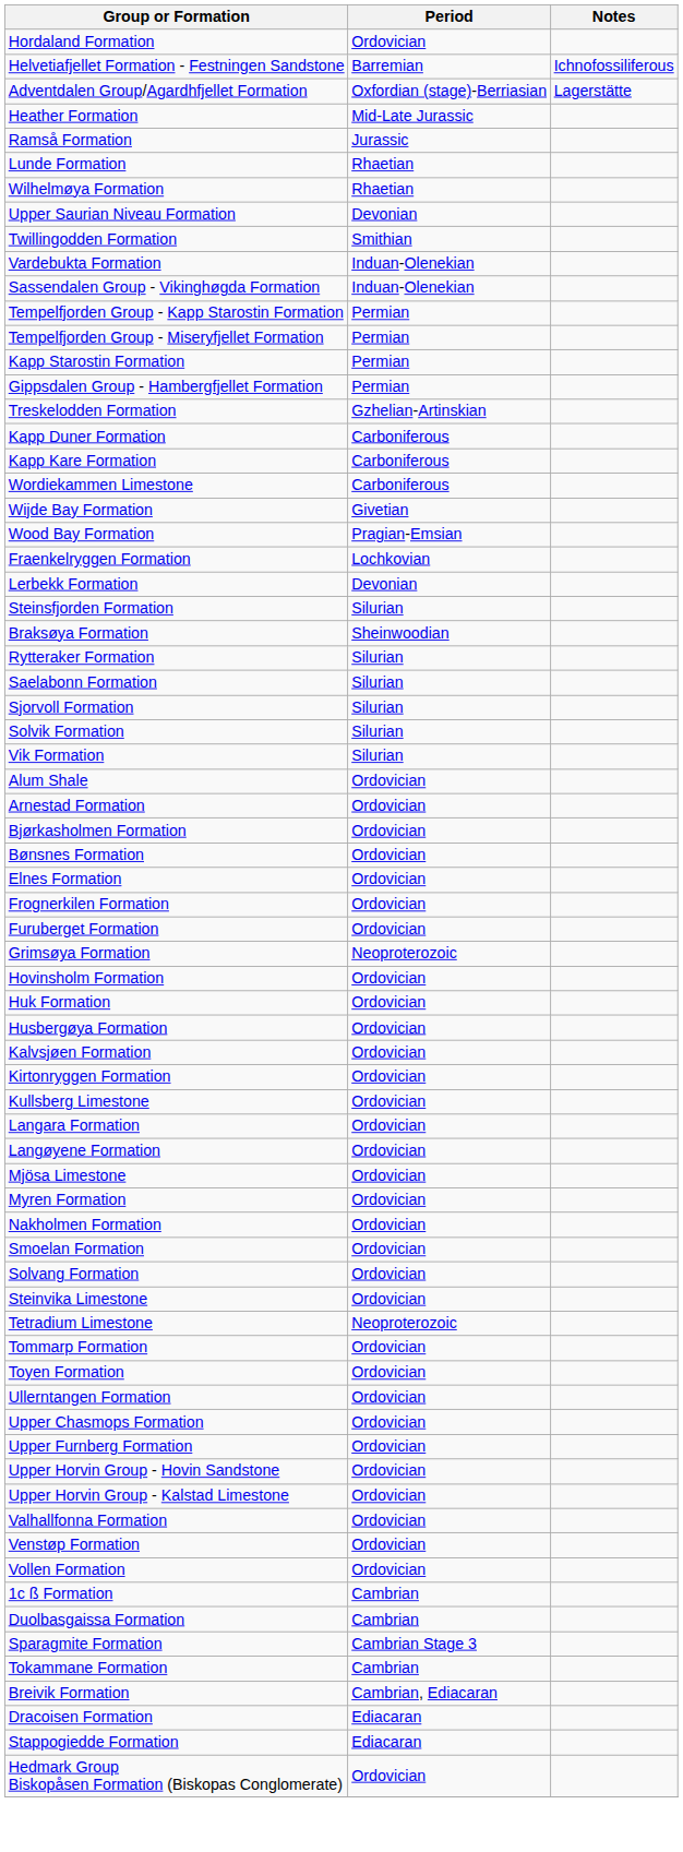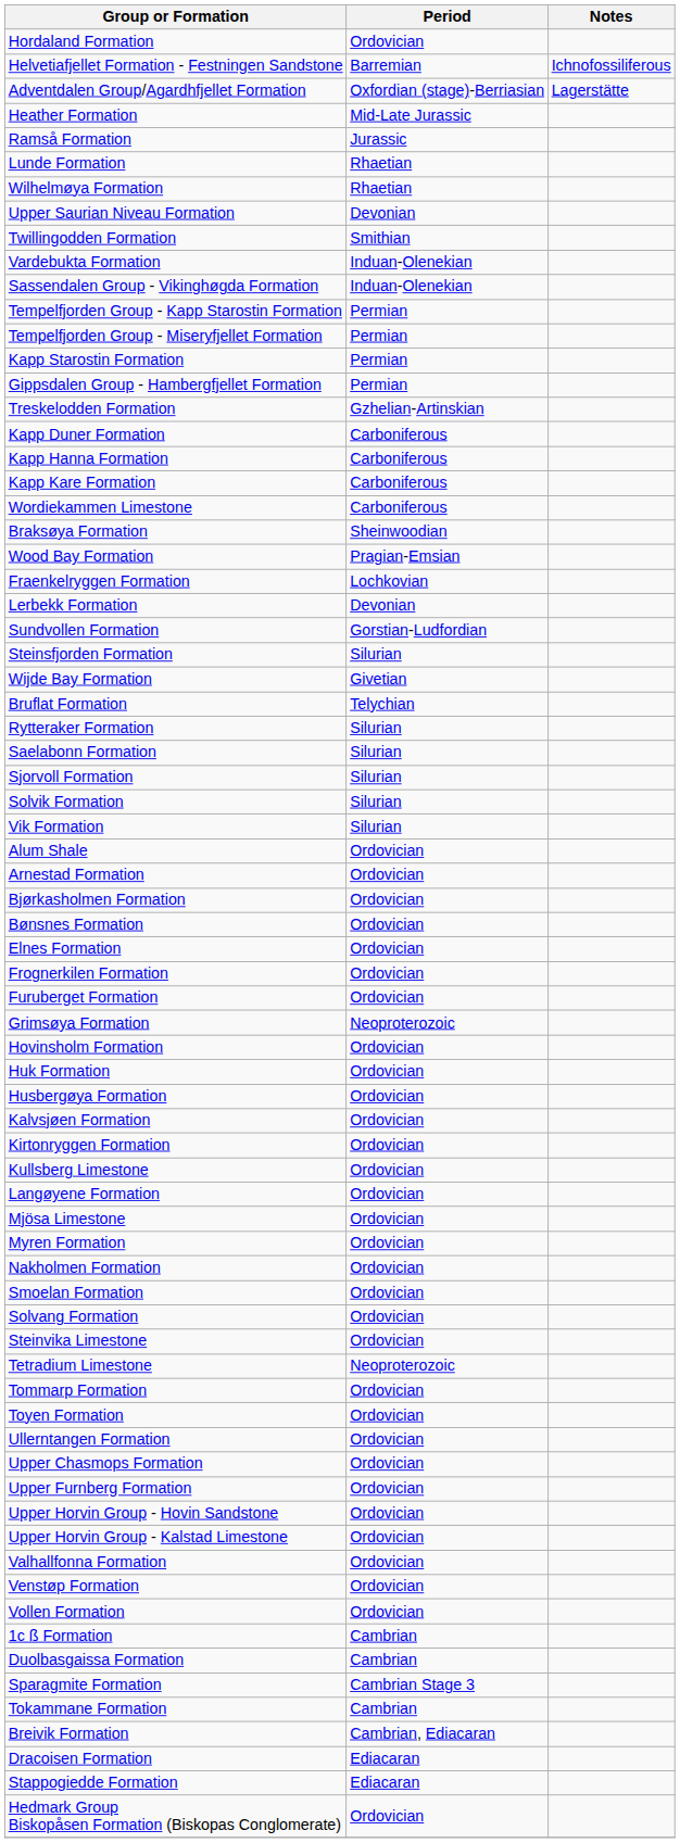 <table class="wikitable sortable" style="width: auto;">
 <tr>
 <th>Group or Formation</th>
 <th>Period</th>
 <th class="unsortable">Notes</th>
 </tr>
 <tr>
 <td><a href='#'>Hordaland Formation</a></td>
 <td><a href='#'>Ordovician</a></td>
 <td></td>
 </tr>
 <tr>
 <td><a href='#'>Helvetiafjellet Formation</a> - <a href='#'>Festningen Sandstone</a></td>
 <td style="background-color: "><a href='#'>Barremian</a></td>
 <td align=center><a href='#'>Ichnofossiliferous</a></td>
 </tr>
 <tr>
 <td><a href='#'>Adventdalen Group</a>/<a href='#'>Agardhfjellet Formation</a></td>
 <td style="background-color: "><a href='#'>Oxfordian (stage)</a>-<a href='#'>Berriasian</a></td>
 <td><a href='#'>Lagerstätte</a></td>
 </tr>
 <tr>
 <td><a href='#'>Heather Formation</a></td>
 <td style="background-color: "><a href='#'>Mid-Late Jurassic</a></td>
 <td></td>
 </tr>
 <tr>
 <td><a href='#'>Ramså Formation</a></td>
 <td><a href='#'>Jurassic</a></td>
 <td></td>
 </tr>
 <tr>
 <td><a href='#'>Lunde Formation</a></td>
 <td style="background-color: "><a href='#'>Rhaetian</a></td>
 <td align=center></td>
 </tr>
 <tr>
 <td><a href='#'>Wilhelmøya Formation</a></td>
 <td style="background-color: "><a href='#'>Rhaetian</a></td>
 <td></td>
 </tr>
 <tr>
 <td><a href='#'>Upper Saurian Niveau Formation</a></td>
 <td><a href='#'>Devonian</a></td>
 <td></td>
 </tr>
 <tr>
 <td><a href='#'>Twillingodden Formation</a></td>
 <td style="background-color: "><a href='#'>Smithian</a></td>
 <td></td>
 </tr>
 <tr>
 <td><a href='#'>Vardebukta Formation</a></td>
 <td style="background-color: "><a href='#'>Induan</a>-<a href='#'>Olenekian</a></td>
 <td></td>
 </tr>
 <tr>
 <td><a href='#'>Sassendalen Group</a> - <a href='#'>Vikinghøgda Formation</a></td>
 <td style="background-color: "><a href='#'>Induan</a>-<a href='#'>Olenekian</a></td>
 <td></td>
 </tr>
 <tr>
 <td><a href='#'>Tempelfjorden Group</a> - <a href='#'>Kapp Starostin Formation</a></td>
 <td><a href='#'>Permian</a></td>
 <td></td>
 </tr>
 <tr>
 <td><a href='#'>Tempelfjorden Group</a> - <a href='#'>Miseryfjellet Formation</a></td>
 <td><a href='#'>Permian</a></td>
 <td></td>
 </tr>
 <tr>
 <td><a href='#'>Kapp Starostin Formation</a></td>
 <td><a href='#'>Permian</a></td>
 <td></td>
 </tr>
 <tr>
 <td><a href='#'>Gippsdalen Group</a> - <a href='#'>Hambergfjellet Formation</a></td>
 <td><a href='#'>Permian</a></td>
 <td></td>
 </tr>
 <tr>
 <td><a href='#'>Treskelodden Formation</a></td>
 <td style="background-color: "><a href='#'>Gzhelian</a>-<a href='#'>Artinskian</a></td>
 <td></td>
 </tr>
 <tr>
 <td><a href='#'>Kapp Duner Formation</a></td>
 <td><a href='#'>Carboniferous</a></td>
 <td></td>
 </tr>
 <tr>
+<td><a href='#'>Kapp Hanna Formation</a></td>
+<td><a href='#'>Carboniferous</a></td>
+<td></td>
+</tr>
+<tr>
 <td><a href='#'>Kapp Kare Formation</a></td>
 <td><a href='#'>Carboniferous</a></td>
 <td></td>
 </tr>
 <tr>
 <td><a href='#'>Wordiekammen Limestone</a></td>
 <td><a href='#'>Carboniferous</a></td>
 <td></td>
 </tr>
 <tr>
-<td><a href='#'>Wijde Bay Formation</a></td>
-<td style="background-color: "><a href='#'>Givetian</a></td>
+<td><a href='#'>Braksøya Formation</a></td>
+<td style="background-color: "><a href='#'>Sheinwoodian</a></td>
 <td></td>
 </tr>
 <tr>
 <td><a href='#'>Wood Bay Formation</a></td>
 <td style="background-color: "><a href='#'>Pragian</a>-<a href='#'>Emsian</a></td>
 <td></td>
 </tr>
 <tr>
 <td><a href='#'>Fraenkelryggen Formation</a></td>
 <td style="background-color: "><a href='#'>Lochkovian</a></td>
 <td></td>
 </tr>
 <tr>
 <td><a href='#'>Lerbekk Formation</a></td>
 <td><a href='#'>Devonian</a></td>
 <td></td>
 </tr>
 <tr>
+<td><a href='#'>Sundvollen Formation</a></td>
+<td style="background-color: "><a href='#'>Gorstian</a>-<a href='#'>Ludfordian</a></td>
+<td></td>
+</tr>
+<tr>
 <td><a href='#'>Steinsfjorden Formation</a></td>
 <td><a href='#'>Silurian</a></td>
 <td></td>
 </tr>
 <tr>
-<td><a href='#'>Braksøya Formation</a></td>
-<td style="background-color: "><a href='#'>Sheinwoodian</a></td>
+<td><a href='#'>Wijde Bay Formation</a></td>
+<td style="background-color: "><a href='#'>Givetian</a></td>
+<td></td>
+</tr>
+<tr>
+<td><a href='#'>Bruflat Formation</a></td>
+<td style="background-color: "><a href='#'>Telychian</a></td>
 <td></td>
 </tr>
 <tr>
 <td><a href='#'>Rytteraker Formation</a></td>
 <td><a href='#'>Silurian</a></td>
 <td></td>
 </tr>
 <tr>
 <td><a href='#'>Saelabonn Formation</a></td>
 <td><a href='#'>Silurian</a></td>
 <td></td>
 </tr>
 <tr>
 <td><a href='#'>Sjorvoll Formation</a></td>
 <td><a href='#'>Silurian</a></td>
 <td></td>
 </tr>
 <tr>
 <td><a href='#'>Solvik Formation</a></td>
 <td><a href='#'>Silurian</a></td>
 <td></td>
 </tr>
 <tr>
 <td><a href='#'>Vik Formation</a></td>
 <td><a href='#'>Silurian</a></td>
 <td></td>
 </tr>
 <tr>
 <td><a href='#'>Alum Shale</a></td>
 <td><a href='#'>Ordovician</a></td>
 <td></td>
 </tr>
 <tr>
 <td><a href='#'>Arnestad Formation</a></td>
 <td><a href='#'>Ordovician</a></td>
 <td></td>
 </tr>
 <tr>
 <td><a href='#'>Bjørkasholmen Formation</a></td>
 <td><a href='#'>Ordovician</a></td>
 <td></td>
 </tr>
 <tr>
 <td><a href='#'>Bønsnes Formation</a></td>
 <td><a href='#'>Ordovician</a></td>
 <td></td>
 </tr>
 <tr>
 <td><a href='#'>Elnes Formation</a></td>
 <td><a href='#'>Ordovician</a></td>
 <td></td>
 </tr>
 <tr>
 <td><a href='#'>Frognerkilen Formation</a></td>
 <td><a href='#'>Ordovician</a></td>
 <td></td>
 </tr>
 <tr>
 <td><a href='#'>Furuberget Formation</a></td>
 <td><a href='#'>Ordovician</a></td>
 <td></td>
 </tr>
 <tr>
 <td><a href='#'>Grimsøya Formation</a></td>
 <td><a href='#'>Neoproterozoic</a></td>
 <td></td>
 </tr>
 <tr>
 <td><a href='#'>Hovinsholm Formation</a></td>
 <td><a href='#'>Ordovician</a></td>
 <td></td>
 </tr>
 <tr>
 <td><a href='#'>Huk Formation</a></td>
 <td><a href='#'>Ordovician</a></td>
 <td></td>
 </tr>
 <tr>
 <td><a href='#'>Husbergøya Formation</a></td>
 <td><a href='#'>Ordovician</a></td>
 <td></td>
 </tr>
 <tr>
 <td><a href='#'>Kalvsjøen Formation</a></td>
 <td><a href='#'>Ordovician</a></td>
 <td></td>
 </tr>
 <tr>
 <td><a href='#'>Kirtonryggen Formation</a></td>
 <td><a href='#'>Ordovician</a></td>
 <td></td>
 </tr>
 <tr>
 <td><a href='#'>Kullsberg Limestone</a></td>
-<td><a href='#'>Ordovician</a></td>
-<td></td>
-</tr>
-<tr>
-<td><a href='#'>Langara Formation</a></td>
 <td><a href='#'>Ordovician</a></td>
 <td></td>
 </tr>
 <tr>
 <td><a href='#'>Langøyene Formation</a></td>
 <td><a href='#'>Ordovician</a></td>
 <td></td>
 </tr>
 <tr>
 <td><a href='#'>Mjösa Limestone</a></td>
 <td><a href='#'>Ordovician</a></td>
 <td></td>
 </tr>
 <tr>
 <td><a href='#'>Myren Formation</a></td>
 <td><a href='#'>Ordovician</a></td>
 <td></td>
 </tr>
 <tr>
 <td><a href='#'>Nakholmen Formation</a></td>
 <td><a href='#'>Ordovician</a></td>
 <td></td>
 </tr>
 <tr>
 <td><a href='#'>Smoelan Formation</a></td>
 <td><a href='#'>Ordovician</a></td>
 <td></td>
 </tr>
 <tr>
 <td><a href='#'>Solvang Formation</a></td>
 <td><a href='#'>Ordovician</a></td>
 <td></td>
 </tr>
 <tr>
 <td><a href='#'>Steinvika Limestone</a></td>
 <td><a href='#'>Ordovician</a></td>
 <td></td>
 </tr>
 <tr>
 <td><a href='#'>Tetradium Limestone</a></td>
 <td><a href='#'>Neoproterozoic</a></td>
 <td></td>
 </tr>
 <tr>
 <td><a href='#'>Tommarp Formation</a></td>
 <td><a href='#'>Ordovician</a></td>
 <td></td>
 </tr>
 <tr>
 <td><a href='#'>Toyen Formation</a></td>
 <td><a href='#'>Ordovician</a></td>
 <td></td>
 </tr>
 <tr>
 <td><a href='#'>Ullerntangen Formation</a></td>
 <td><a href='#'>Ordovician</a></td>
 <td></td>
 </tr>
 <tr>
 <td><a href='#'>Upper Chasmops Formation</a></td>
 <td><a href='#'>Ordovician</a></td>
 <td></td>
 </tr>
 <tr>
 <td><a href='#'>Upper Furnberg Formation</a></td>
 <td><a href='#'>Ordovician</a></td>
 <td></td>
 </tr>
 <tr>
 <td><a href='#'>Upper Horvin Group</a> - <a href='#'>Hovin Sandstone</a></td>
 <td><a href='#'>Ordovician</a></td>
 <td></td>
 </tr>
 <tr>
 <td><a href='#'>Upper Horvin Group</a> - <a href='#'>Kalstad Limestone</a></td>
 <td><a href='#'>Ordovician</a></td>
 <td></td>
 </tr>
 <tr>
 <td><a href='#'>Valhallfonna Formation</a></td>
 <td><a href='#'>Ordovician</a></td>
 <td></td>
 </tr>
 <tr>
 <td><a href='#'>Venstøp Formation</a></td>
 <td><a href='#'>Ordovician</a></td>
 <td></td>
 </tr>
 <tr>
 <td><a href='#'>Vollen Formation</a></td>
 <td><a href='#'>Ordovician</a></td>
 <td></td>
 </tr>
 <tr>
 <td><a href='#'>1c ß Formation</a></td>
 <td><a href='#'>Cambrian</a></td>
 <td></td>
 </tr>
 <tr>
 <td><a href='#'>Duolbasgaissa Formation</a></td>
 <td><a href='#'>Cambrian</a></td>
 <td></td>
 </tr>
 <tr>
 <td><a href='#'>Sparagmite Formation</a></td>
 <td style="background-color: "><a href='#'>Cambrian Stage 3</a></td>
 <td></td>
 </tr>
 <tr>
 <td><a href='#'>Tokammane Formation</a></td>
 <td><a href='#'>Cambrian</a></td>
 <td></td>
 </tr>
 <tr>
 <td><a href='#'>Breivik Formation</a></td>
 <td><a href='#'>Cambrian</a>, <a href='#'>Ediacaran</a></td>
 <td></td>
 </tr>
 <tr>
 <td><a href='#'>Dracoisen Formation</a></td>
 <td><a href='#'>Ediacaran</a></td>
 <td></td>
 </tr>
 <tr>
 <td><a href='#'>Stappogiedde Formation</a></td>
 <td><a href='#'>Ediacaran</a></td>
 <td></td>
 </tr>
 <tr>
 <td><a href='#'>Hedmark Group</a><br><a href='#'>Biskopåsen Formation</a> (Biskopas Conglomerate)</td>
 <td><a href='#'>Ordovician</a></td>
 <td></td>
 </tr>
 <tr>
 </tr>
 </table>
